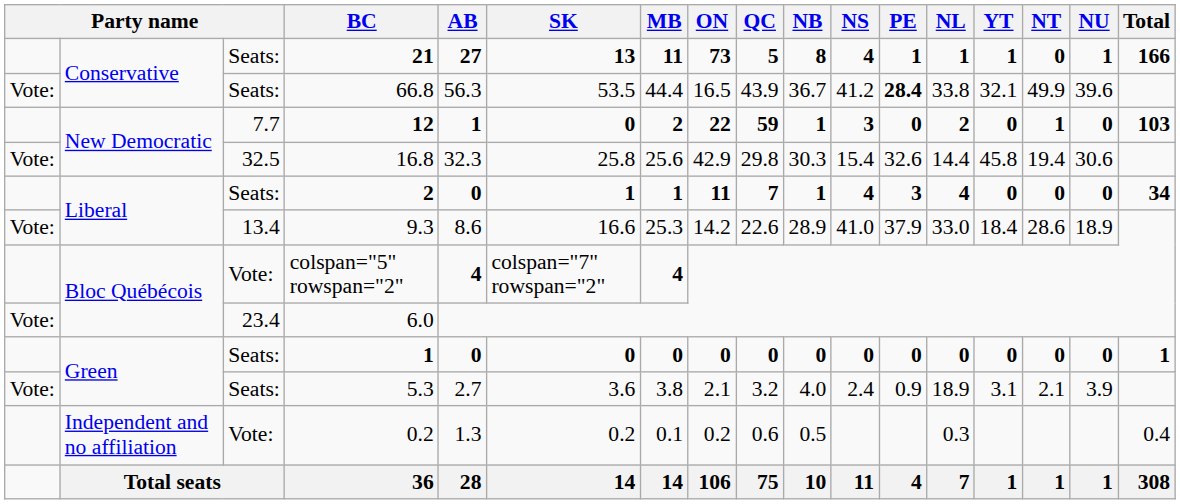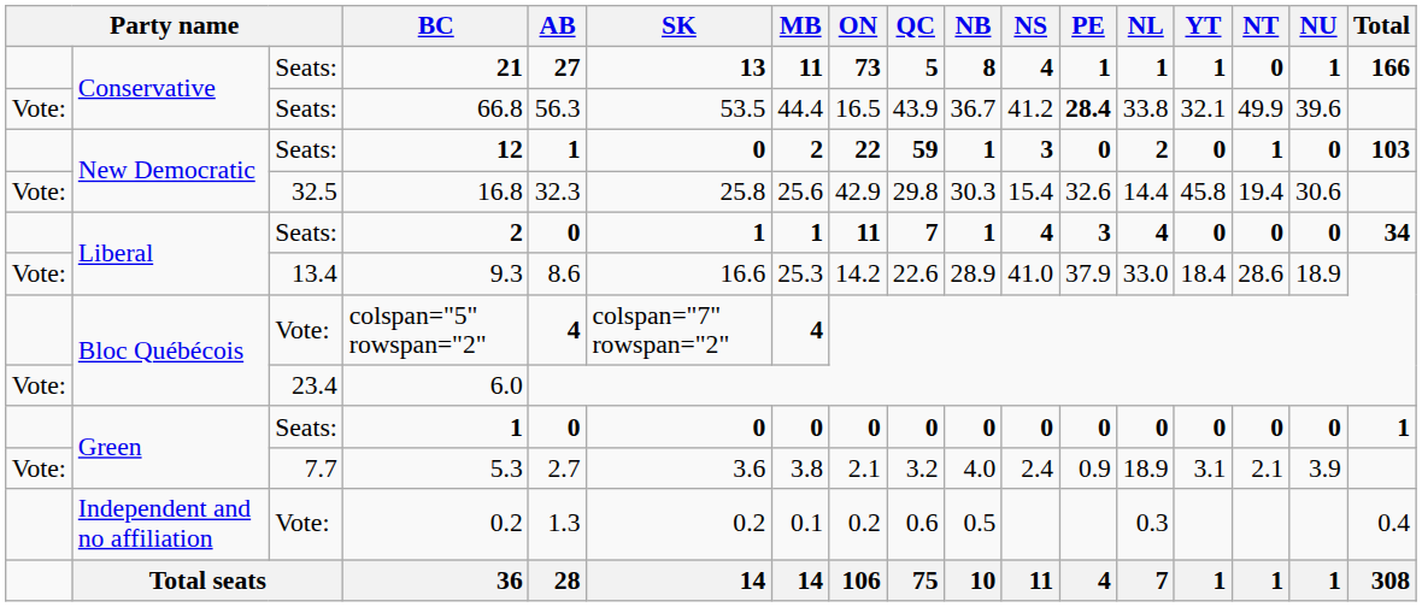 <table class="wikitable">
 <tr>
 <th style="text-align:center;" colspan="3">Party name</th>
 <th style="text-align:center;"><a href='#'>BC</a></th>
 <th style="text-align:center;"><a href='#'>AB</a></th>
 <th style="text-align:center;"><a href='#'>SK</a></th>
 <th style="text-align:center;"><a href='#'>MB</a></th>
 <th style="text-align:center;"><a href='#'>ON</a></th>
 <th style="text-align:center;"><a href='#'>QC</a></th>
 <th style="text-align:center;"><a href='#'>NB</a></th>
 <th style="text-align:center;"><a href='#'>NS</a></th>
 <th style="text-align:center;"><a href='#'>PE</a></th>
 <th style="text-align:center;"><a href='#'>NL</a></th>
 <th style="text-align:center;"><a href='#'>YT</a></th>
 <th style="text-align:center;"><a href='#'>NT</a></th>
 <th style="text-align:center;"><a href='#'>NU</a></th>
 <th style="text-align:center;">Total</th>
 </tr>
 <tr>
 <td>    </td>
 <td rowspan="2"><a href='#'>Conservative</a></td>
 <td>Seats:</td>
 <td style="text-align:right;"><strong>21</strong> </td>
 <td style="text-align:right;"><strong>27</strong> </td>
 <td style="text-align:right;"><strong>13</strong> </td>
 <td style="text-align:right;"><strong>11</strong> </td>
 <td style="text-align:right;"><strong>73</strong> </td>
 <td style="text-align:right;"><strong>5</strong> </td>
 <td style="text-align:right;"><strong>8</strong> </td>
 <td style="text-align:right;"><strong>4</strong> </td>
 <td style="text-align:right;"><strong>1</strong> </td>
 <td style="text-align:right;"><strong>1</strong> </td>
 <td style="text-align:right;"><strong>1</strong> </td>
 <td style="text-align:right;"><strong>0</strong> </td>
 <td style="text-align:right;"><strong>1</strong> </td>
 <td style="text-align:right;"><strong>166</strong></td>
 </tr>
 <tr>
 <td>Vote:</td>
 <td>Seats:</td>
 <td style="text-align:right;">66.8 </td>
 <td style="text-align:right;">56.3 </td>
 <td style="text-align:right;">53.5 </td>
 <td style="text-align:right;">44.4 </td>
 <td style="text-align:right;">16.5 </td>
 <td style="text-align:right;">43.9 </td>
 <td style="text-align:right;">36.7 </td>
 <td style="text-align:right;">41.2 </td>
 <td style="text-align:right;"><strong>28.4 </strong></td>
 <td style="text-align:right;">33.8 </td>
 <td style="text-align:right;">32.1 </td>
 <td style="text-align:right;">49.9 </td>
 <td style="text-align:right;">39.6 </td>
 </tr>
 <tr>
 <td>    </td>
 <td rowspan="2"><a href='#'>New Democratic</a></td>
-<td style="text-align:right;">7.7 </td>
+<td>Seats:</td>
 <td style="text-align:right;"><strong>12</strong> </td>
 <td style="text-align:right;"><strong>1</strong> </td>
 <td style="text-align:right;"><strong>0</strong> </td>
 <td style="text-align:right;"><strong>2</strong> </td>
 <td style="text-align:right;"><strong>22</strong> </td>
 <td style="text-align:right;"><strong>59</strong> </td>
 <td style="text-align:right;"><strong>1</strong> </td>
 <td style="text-align:right;"><strong>3</strong> </td>
 <td style="text-align:right;"><strong>0</strong> </td>
 <td style="text-align:right;"><strong>2</strong> </td>
 <td style="text-align:right;"><strong>0</strong> </td>
 <td style="text-align:right;"><strong>1</strong> </td>
 <td style="text-align:right;"><strong>0</strong> </td>
 <td style="text-align:right;"><strong>103</strong></td>
 </tr>
 <tr>
 <td>Vote:</td>
 <td style="text-align:right;">32.5 </td>
 <td style="text-align:right;">16.8 </td>
 <td style="text-align:right;">32.3 </td>
 <td style="text-align:right;">25.8 </td>
 <td style="text-align:right;">25.6 </td>
 <td style="text-align:right;">42.9 </td>
 <td style="text-align:right;">29.8 </td>
 <td style="text-align:right;">30.3 </td>
 <td style="text-align:right;">15.4 </td>
 <td style="text-align:right;">32.6 </td>
 <td style="text-align:right;">14.4 </td>
 <td style="text-align:right;">45.8 </td>
 <td style="text-align:right;">19.4 </td>
 <td style="text-align:right;">30.6 </td>
 </tr>
 <tr>
 <td>    </td>
 <td rowspan="2"><a href='#'>Liberal</a></td>
 <td>Seats:</td>
 <td style="text-align:right;"><strong>2</strong> </td>
 <td style="text-align:right;"><strong>0</strong> </td>
 <td style="text-align:right;"><strong>1</strong> </td>
 <td style="text-align:right;"><strong>1</strong> </td>
 <td style="text-align:right;"><strong>11</strong> </td>
 <td style="text-align:right;"><strong>7</strong> </td>
 <td style="text-align:right;"><strong>1</strong> </td>
 <td style="text-align:right;"><strong>4</strong> </td>
 <td style="text-align:right;"><strong>3</strong> </td>
 <td style="text-align:right;"><strong>4</strong> </td>
 <td style="text-align:right;"><strong>0</strong> </td>
 <td style="text-align:right;"><strong>0</strong> </td>
 <td style="text-align:right;"><strong>0</strong> </td>
 <td style="text-align:right;"><strong>34</strong></td>
 </tr>
 <tr>
 <td>Vote:</td>
 <td style="text-align:right;">13.4 </td>
 <td style="text-align:right;">9.3 </td>
 <td style="text-align:right;">8.6 </td>
 <td style="text-align:right;">16.6 </td>
 <td style="text-align:right;">25.3 </td>
 <td style="text-align:right;">14.2 </td>
 <td style="text-align:right;">22.6 </td>
 <td style="text-align:right;">28.9 </td>
 <td style="text-align:right;">41.0 </td>
 <td style="text-align:right;">37.9 </td>
 <td style="text-align:right;">33.0 </td>
 <td style="text-align:right;">18.4 </td>
 <td style="text-align:right;">28.6 </td>
 <td style="text-align:right;">18.9 </td>
 </tr>
 <tr>
 <td>    </td>
 <td rowspan="2"><a href='#'>Bloc Québécois</a></td>
 <td>Vote:</td>
 <td>colspan="5" rowspan="2" </td>
 <td style="text-align:right;"><strong>4</strong> </td>
 <td>colspan="7" rowspan="2" </td>
 <td style="text-align:right;"><strong>4</strong></td>
 </tr>
 <tr>
 <td>Vote:</td>
 <td style="text-align:right;">23.4 </td>
 <td style="text-align:right;">6.0 </td>
 </tr>
 <tr>
 <td>    </td>
 <td rowspan="2"><a href='#'>Green</a></td>
 <td>Seats:</td>
 <td style="text-align:right;"><strong>1</strong> </td>
 <td style="text-align:right;"><strong>0</strong> </td>
 <td style="text-align:right;"><strong>0</strong> </td>
 <td style="text-align:right;"><strong>0</strong> </td>
 <td style="text-align:right;"><strong>0</strong> </td>
 <td style="text-align:right;"><strong>0</strong> </td>
 <td style="text-align:right;"><strong>0</strong> </td>
 <td style="text-align:right;"><strong>0</strong> </td>
 <td style="text-align:right;"><strong>0</strong> </td>
 <td style="text-align:right;"><strong>0</strong> </td>
 <td style="text-align:right;"><strong>0</strong> </td>
 <td style="text-align:right;"><strong>0</strong> </td>
 <td style="text-align:right;"><strong>0</strong> </td>
 <td style="text-align:right;"><strong>1</strong></td>
 </tr>
 <tr>
 <td>Vote:</td>
-<td>Seats:</td>
+<td style="text-align:right;">7.7 </td>
 <td style="text-align:right;">5.3 </td>
 <td style="text-align:right;">2.7 </td>
 <td style="text-align:right;">3.6 </td>
 <td style="text-align:right;">3.8 </td>
 <td style="text-align:right;">2.1 </td>
 <td style="text-align:right;">3.2 </td>
 <td style="text-align:right;">4.0 </td>
 <td style="text-align:right;">2.4 </td>
 <td style="text-align:right;">0.9 </td>
 <td style="text-align:right;">18.9 </td>
 <td style="text-align:right;">3.1 </td>
 <td style="text-align:right;">2.1 </td>
 <td style="text-align:right;">3.9 </td>
 </tr>
 <tr>
 <td>    </td>
 <td><a href='#'>Independent and no affiliation</a></td>
 <td>Vote:</td>
 <td style="text-align:right;">0.2 </td>
 <td style="text-align:right;">1.3 </td>
 <td style="text-align:right;">0.2 </td>
 <td style="text-align:right;">0.1 </td>
 <td style="text-align:right;">0.2 </td>
 <td style="text-align:right;">0.6 </td>
 <td style="text-align:right;">0.5 </td>
 <td style="text-align:right;"></td>
 <td style="text-align:right;"></td>
 <td style="text-align:right;">0.3 </td>
 <td style="text-align:right;"></td>
 <td style="text-align:right;"></td>
 <td style="text-align:right;"></td>
 <td style="text-align:right;">0.4</td>
 </tr>
 <tr>
 <td></td>
 <th colspan="2">Total seats</th>
 <th style="text-align:right;">36 </th>
 <th style="text-align:right;">28 </th>
 <th style="text-align:right;">14 </th>
 <th style="text-align:right;">14 </th>
 <th style="text-align:right;">106</th>
 <th style="text-align:right;">75 </th>
 <th style="text-align:right;">10 </th>
 <th style="text-align:right;">11 </th>
 <th style="text-align:right;">4 </th>
 <th style="text-align:right;">7 </th>
 <th style="text-align:right;">1 </th>
 <th style="text-align:right;">1 </th>
 <th style="text-align:right;">1 </th>
 <th style="text-align:right;">308 </th>
 </tr>
 </table>
